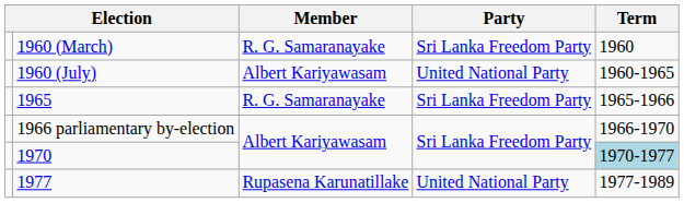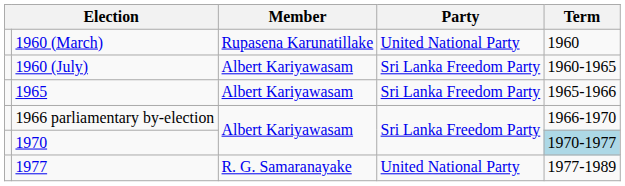 <table class="wikitable">
 <tr>
 <th colspan="2">Election</th>
 <th>Member</th>
 <th>Party</th>
 <th>Term</th>
 </tr>
 <tr>
 <td style="background-color: "></td>
 <td><a href='#'>1960 (March)</a></td>
-<td><a href='#'>R. G. Samaranayake</a></td>
-<td><a href='#'>Sri Lanka Freedom Party</a></td>
+<td><a href='#'>Rupasena Karunatillake</a></td>
+<td><a href='#'>United National Party</a></td>
 <td>1960</td>
 </tr>
 <tr>
 <td style="background-color: "></td>
 <td><a href='#'>1960 (July)</a></td>
 <td><a href='#'>Albert Kariyawasam</a></td>
-<td><a href='#'>United National Party</a></td>
+<td><a href='#'>Sri Lanka Freedom Party</a></td>
 <td>1960-1965</td>
 </tr>
 <tr>
 <td style="background-color: "></td>
 <td><a href='#'>1965</a></td>
-<td><a href='#'>R. G. Samaranayake</a></td>
+<td><a href='#'>Albert Kariyawasam</a></td>
 <td><a href='#'>Sri Lanka Freedom Party</a></td>
 <td>1965-1966</td>
 </tr>
 <tr>
 <td style="background-color: "></td>
 <td>1966 parliamentary by-election</td>
 <td rowspan=2><a href='#'>Albert Kariyawasam</a></td>
 <td rowspan=2><a href='#'>Sri Lanka Freedom Party</a></td>
 <td>1966-1970</td>
 </tr>
 <tr>
 <td style="background-color: "></td>
 <td><a href='#'>1970</a></td>
 <td style="background: lightblue;">1970-1977</td>
 </tr>
 <tr>
 <td style="background-color: "></td>
 <td><a href='#'>1977</a></td>
-<td><a href='#'>Rupasena Karunatillake</a></td>
+<td><a href='#'>R. G. Samaranayake</a></td>
 <td><a href='#'>United National Party</a></td>
 <td>1977-1989</td>
 </tr>
 </table>
